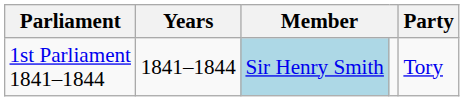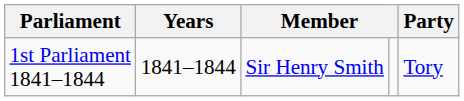 <table class="wikitable">
 <tr>
 <th>Parliament</th>
 <th>Years</th>
 <th colspan="2">Member</th>
 <th>Party</th>
 </tr>
 <tr>
 <td><a href='#'>1st Parliament</a><br>1841–1844</td>
 <td>1841–1844</td>
-<td style="background: lightblue;"><a href='#'>Sir Henry Smith</a></td>
+<td><a href='#'>Sir Henry Smith</a></td>
 <td></td>
 <td><a href='#'>Tory</a></td>
 </tr>
 </table>
